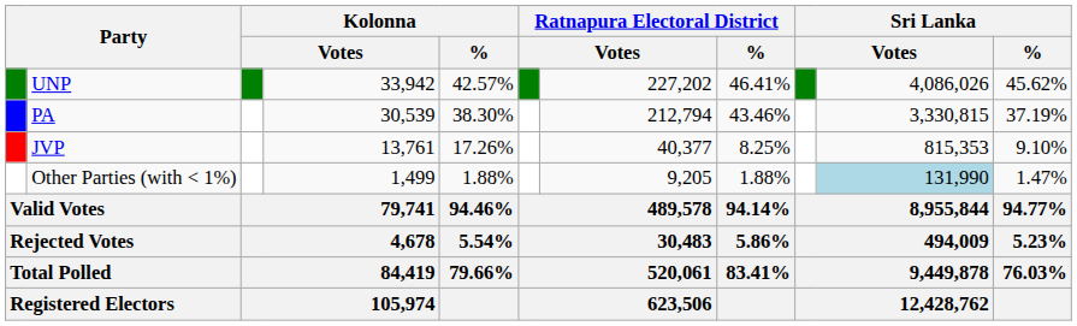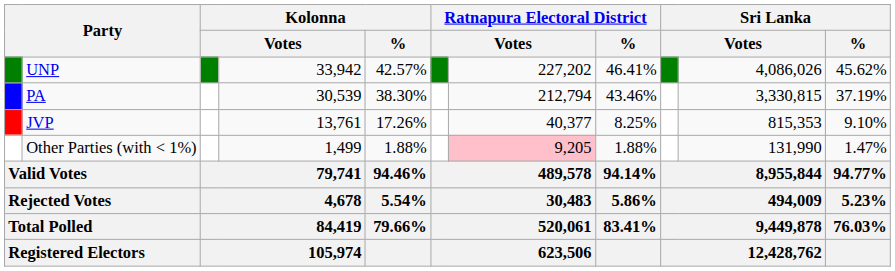 <table class="wikitable">
 <tr>
 <th colspan="2" width="144px"rowspan="2">Party</th>
 <th colspan="3" width="216px">Kolonna</th>
 <th colspan="3" width="216px"><a href='#'>Ratnapura Electoral District</a></th>
 <th colspan="3" width="216px">Sri Lanka</th>
 </tr>
 <tr>
 <th colspan="2" width="144px">Votes</th>
 <th>%</th>
 <th colspan="2" width="144px">Votes</th>
 <th>%</th>
 <th colspan="2" width="144px">Votes</th>
 <th>%</th>
 </tr>
 <tr>
 <td style="background-color:green;" width="10px"></td>
 <td style="text-align:left;"><a href='#'>UNP</a></td>
 <td style="background-color:green;" width="10px"></td>
 <td style="text-align:right;">33,942</td>
 <td style="text-align:right;">42.57%</td>
 <td style="background-color:green;" width="10px"></td>
 <td style="text-align:right;">227,202</td>
 <td style="text-align:right;">46.41%</td>
 <td style="background-color:green;" width="10px"></td>
 <td style="text-align:right;">4,086,026</td>
 <td style="text-align:right;">45.62%</td>
 </tr>
 <tr>
 <td style="background-color:blue;" width="10px"></td>
 <td style="text-align:left;"><a href='#'>PA</a></td>
 <td style="background-color:white;" width="10px"></td>
 <td style="text-align:right;">30,539</td>
 <td style="text-align:right;">38.30%</td>
 <td style="background-color:white;" width="10px"></td>
 <td style="text-align:right;">212,794</td>
 <td style="text-align:right;">43.46%</td>
 <td style="background-color:white;" width="10px"></td>
 <td style="text-align:right;">3,330,815</td>
 <td style="text-align:right;">37.19%</td>
 </tr>
 <tr>
 <td style="background-color:red;" width="10px"></td>
 <td style="text-align:left;"><a href='#'>JVP</a></td>
 <td style="background-color:white;" width="10px"></td>
 <td style="text-align:right;">13,761</td>
 <td style="text-align:right;">17.26%</td>
 <td style="background-color:white;" width="10px"></td>
 <td style="text-align:right;">40,377</td>
 <td style="text-align:right;">8.25%</td>
 <td style="background-color:white;" width="10px"></td>
 <td style="text-align:right;">815,353</td>
 <td style="text-align:right;">9.10%</td>
 </tr>
 <tr>
 <td style="background-color:white;" width="10px"></td>
 <td style="text-align:left;">Other Parties (with < 1%)</td>
 <td style="background-color:white;" width="10px"></td>
 <td style="text-align:right;">1,499</td>
 <td style="text-align:right;">1.88%</td>
 <td style="background-color:white;" width="10px"></td>
-<td style="text-align:right;">9,205</td>
+<td style="background: pink; text-align:right;">9,205</td>
 <td style="text-align:right;">1.88%</td>
 <td style="background-color:white;" width="10px"></td>
-<td style="background: lightblue; text-align:right;">131,990</td>
+<td style="text-align:right;">131,990</td>
 <td style="text-align:right;">1.47%</td>
 </tr>
 <tr>
 <th colspan="2" width="144px"style="text-align:left;">Valid Votes</th>
 <th style="text-align:right;"colspan="2" width="144px">79,741</th>
 <th style="text-align:right;">94.46%</th>
 <th style="text-align:right;"colspan="2" width="144px">489,578</th>
 <th style="text-align:right;">94.14%</th>
 <th style="text-align:right;"colspan="2" width="144px">8,955,844</th>
 <th style="text-align:right;">94.77%</th>
 </tr>
 <tr>
 <th colspan="2" width="144px"style="text-align:left;">Rejected Votes</th>
 <th style="text-align:right;"colspan="2" width="144px">4,678</th>
 <th style="text-align:right;">5.54%</th>
 <th style="text-align:right;"colspan="2" width="144px">30,483</th>
 <th style="text-align:right;">5.86%</th>
 <th style="text-align:right;"colspan="2" width="144px">494,009</th>
 <th style="text-align:right;">5.23%</th>
 </tr>
 <tr>
 <th colspan="2" width="144px"style="text-align:left;">Total Polled</th>
 <th style="text-align:right;"colspan="2" width="144px">84,419</th>
 <th style="text-align:right;">79.66%</th>
 <th style="text-align:right;"colspan="2" width="144px">520,061</th>
 <th style="text-align:right;">83.41%</th>
 <th style="text-align:right;"colspan="2" width="144px">9,449,878</th>
 <th style="text-align:right;">76.03%</th>
 </tr>
 <tr>
 <th colspan="2" width="144px"style="text-align:left;">Registered Electors</th>
 <th style="text-align:right;"colspan="2" width="144px">105,974</th>
 <th></th>
 <th style="text-align:right;"colspan="2" width="144px">623,506</th>
 <th></th>
 <th style="text-align:right;"colspan="2" width="144px">12,428,762</th>
 <th></th>
 </tr>
 </table>
